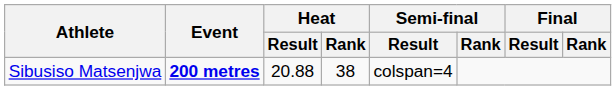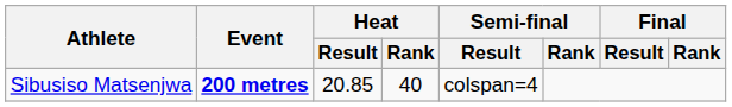 <table class="wikitable" style="font-size:90%">
 <tr>
 <th rowspan="2">Athlete</th>
 <th rowspan="2">Event</th>
 <th colspan="2">Heat</th>
 <th colspan="2">Semi-final</th>
 <th colspan="2">Final</th>
 </tr>
 <tr style="font-size:95%">
 <th>Result</th>
 <th>Rank</th>
 <th>Result</th>
 <th>Rank</th>
 <th>Result</th>
 <th>Rank</th>
 </tr>
 <tr style=text-align:center>
 <td style=text-align:left><a href='#'>Sibusiso Matsenjwa</a></td>
 <td style=text-align:left><strong><a href='#'>200 metres</a></strong></td>
-<td>20.88</td>
-<td>38</td>
+<td>20.85</td>
+<td>40</td>
 <td>colspan=4 </td>
 </tr>
 </table>
